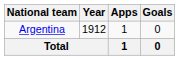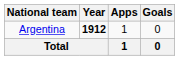 <table class="wikitable" style="text-align:center">
 <tr>
 <th>National team</th>
 <th>Year</th>
 <th>Apps</th>
 <th>Goals</th>
 </tr>
 <tr>
 <td rowspan="1"><a href='#'>Argentina</a></td>
-<td>1912</td>
+<td><strong>1912</strong></td>
 <td>1</td>
 <td>0</td>
 </tr>
 <tr>
 <th colspan=2>Total</th>
 <th>1</th>
 <th>0</th>
 </tr>
 </table>
